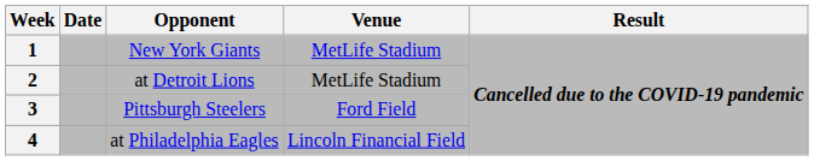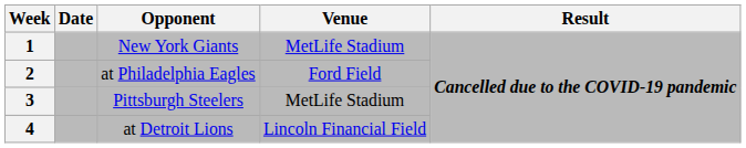 <table class="wikitable" style="text-align:center">
 <tr>
 <th>Week</th>
 <th>Date</th>
 <th>Opponent</th>
 <th>Venue</th>
 <th>Result</th>
 </tr>
 <tr style="background:#bababa">
 <th>1</th>
 <td></td>
 <td><a href='#'>New York Giants</a></td>
 <td><a href='#'>MetLife Stadium</a></td>
 <td rowspan=4><strong><em>Cancelled due to the COVID-19 pandemic</em></strong></td>
 </tr>
 <tr style="background:#bababa">
 <th>2</th>
 <td></td>
-<td>at <a href='#'>Detroit Lions</a></td>
-<td>MetLife Stadium</td>
+<td>at <a href='#'>Philadelphia Eagles</a></td>
+<td><a href='#'>Ford Field</a></td>
 </tr>
 <tr style="background:#bababa">
 <th>3</th>
 <td></td>
 <td><a href='#'>Pittsburgh Steelers</a></td>
-<td><a href='#'>Ford Field</a></td>
+<td>MetLife Stadium</td>
 </tr>
 <tr style="background:#bababa">
 <th>4</th>
 <td></td>
-<td>at <a href='#'>Philadelphia Eagles</a></td>
+<td>at <a href='#'>Detroit Lions</a></td>
 <td><a href='#'>Lincoln Financial Field</a></td>
 </tr>
 </table>
